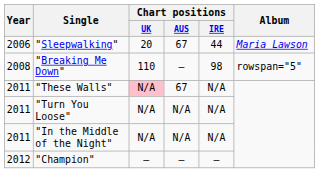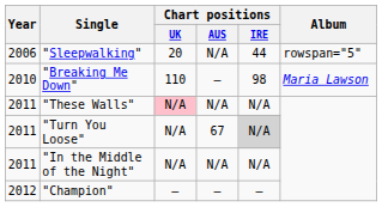 <table class="wikitable">
 <tr style="background:#ebf5ff;">
 <th style="width:30px;" rowspan="2">Year</th>
 <th style="width:120px;" rowspan="2">Single</th>
 <th colspan="3">Chart positions</th>
 <th style="width:100px;" rowspan="2">Album</th>
 </tr>
 <tr>
 <th style="width:40px;"><small><a href='#'>UK</a></small></th>
 <th style="width:40px;"><small><a href='#'>AUS</a></small></th>
 <th style="width:40px;"><small><a href='#'>IRE</a></small></th>
 </tr>
 <tr>
 <td>2006</td>
 <td align="left">"<a href='#'>Sleepwalking</a>"</td>
 <td style="text-align:center;">20</td>
-<td style="text-align:center;">67</td>
+<td style="text-align:center;">N/A</td>
 <td style="text-align:center;">44</td>
-<td><a href='#'><em>Maria Lawson</em></a></td>
+<td>rowspan="5" </td>
 </tr>
 <tr>
-<td>2008</td>
+<td>2010</td>
 <td align="left">"<a href='#'>Breaking Me Down</a>"</td>
 <td style="text-align:center;">110</td>
 <td style="text-align:center;">—</td>
 <td style="text-align:center;">98</td>
-<td>rowspan="5" </td>
+<td><a href='#'><em>Maria Lawson</em></a></td>
 </tr>
 <tr>
 <td>2011</td>
 <td align="left">"These Walls"</td>
 <td style="background: pink; text-align:center;">N/A</td>
-<td style="text-align:center;">67</td>
+<td style="text-align:center;">N/A</td>
 <td style="text-align:center;">N/A</td>
 </tr>
 <tr>
 <td>2011</td>
 <td align="left">"Turn You Loose"</td>
 <td style="text-align:center;">N/A</td>
-<td style="text-align:center;">N/A</td>
-<td style="text-align:center;">N/A</td>
+<td style="text-align:center;">67</td>
+<td style="background: lightgrey; text-align:center;">N/A</td>
 </tr>
 <tr>
 <td>2011</td>
 <td align="left">"In the Middle of the Night"</td>
 <td style="text-align:center;">N/A</td>
 <td style="text-align:center;">N/A</td>
 <td style="text-align:center;">N/A</td>
 </tr>
 <tr>
 <td>2012</td>
 <td align="left">"Champion"</td>
 <td style="text-align:center;">—</td>
 <td style="text-align:center;">—</td>
 <td style="text-align:center;">—</td>
 </tr>
 </table>
